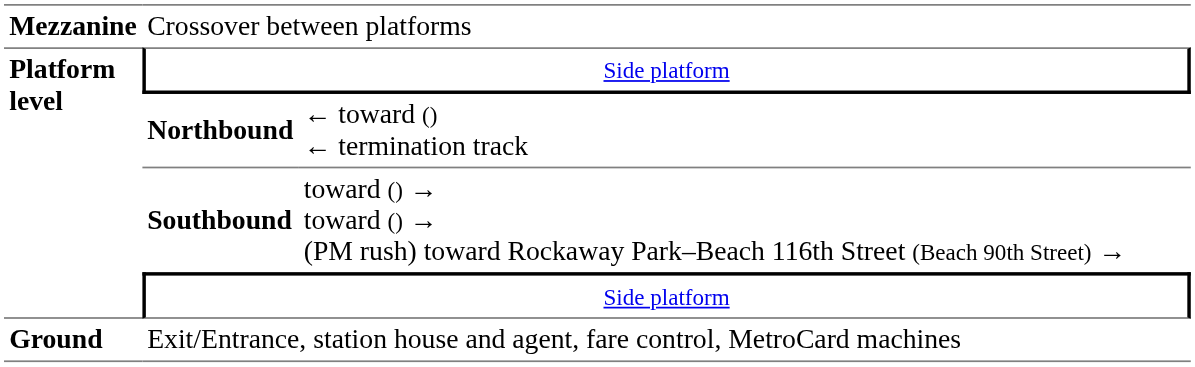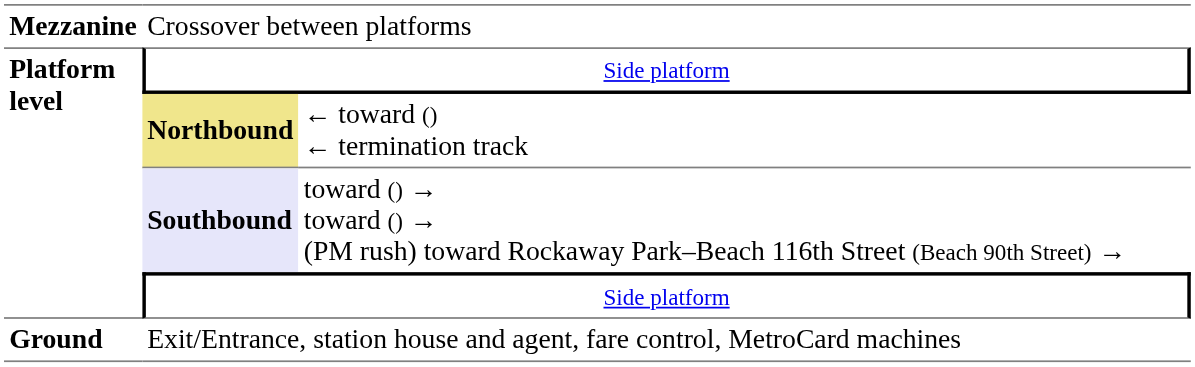 <table border=0 cellspacing=0 cellpadding=3>
 <tr>
 <td style="border-top:solid 1px gray;" width=50><strong>Mezzanine</strong></td>
 <td style="border-top:solid 1px gray;" colspan=2>Crossover between platforms</td>
 </tr>
 <tr>
 <td style="border-top:solid 1px gray;border-bottom:solid 1px gray;" rowspan=4 valign=top><strong>Platform level</strong></td>
 <td style="border-top:solid 1px gray;border-right:solid 2px black;border-left:solid 2px black;border-bottom:solid 2px black;text-align:center;" colspan=2><small><a href='#'>Side platform</a></small></td>
 </tr>
 <tr>
-<td style="border-bottom:solid 1px gray;" width=80><strong>Northbound</strong></td>
+<td style="background: khaki; border-bottom:solid 1px gray;" width=80><strong>Northbound</strong></td>
 <td style="border-bottom:solid 1px gray;" width=510>←  toward  <small>()</small><br>←  termination track</td>
 </tr>
 <tr>
-<td><strong>Southbound</strong></td>
+<td style="background: lavender;"><strong>Southbound</strong></td>
 <td>  toward   <small>()</small> →<br>  toward  <small>()</small> →<br>  (PM rush) toward Rockaway Park–Beach 116th Street <small>(Beach 90th Street)</small> →</td>
 </tr>
 <tr>
 <td style="border-bottom:solid 1px gray;border-top:solid 2px black;border-right:solid 2px black;border-left:solid 2px black;text-align:center;" colspan=2><small><a href='#'>Side platform</a></small></td>
 </tr>
 <tr>
 <td style="border-bottom:solid 1px gray;"><strong>Ground</strong></td>
 <td style="border-bottom:solid 1px gray;" colspan=2>Exit/Entrance, station house and agent, fare control, MetroCard machines</td>
 </tr>
 </table>
